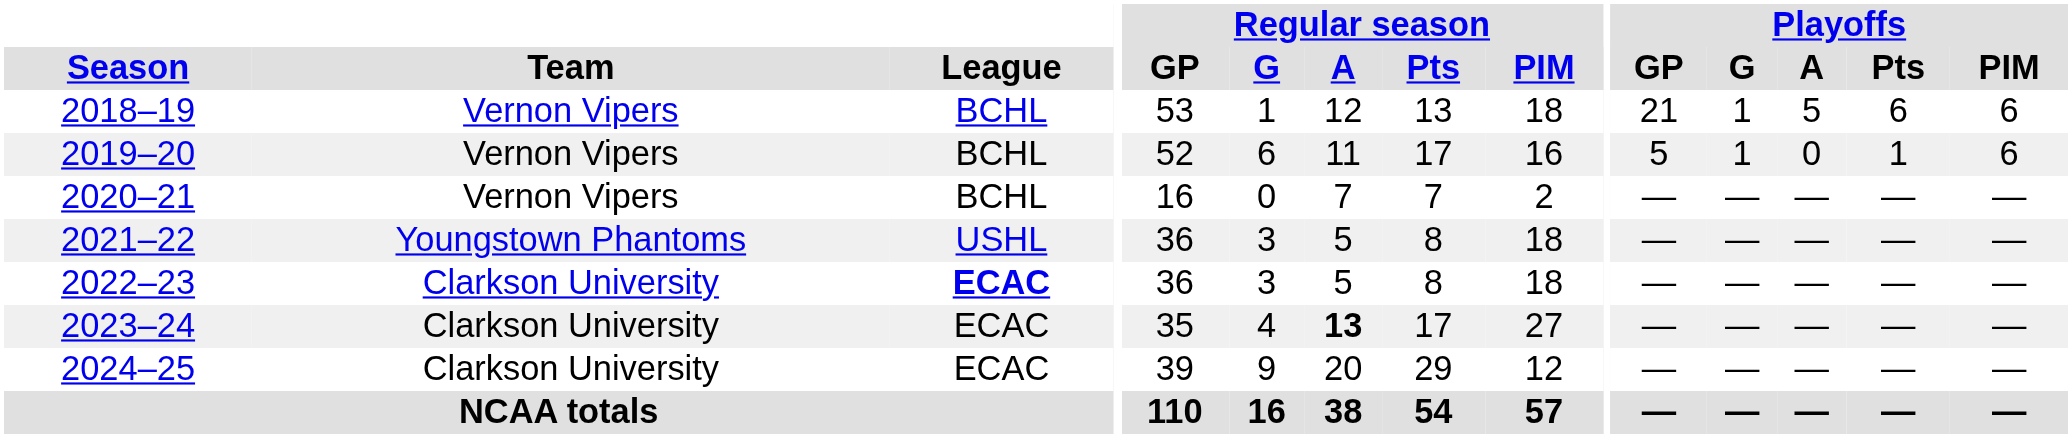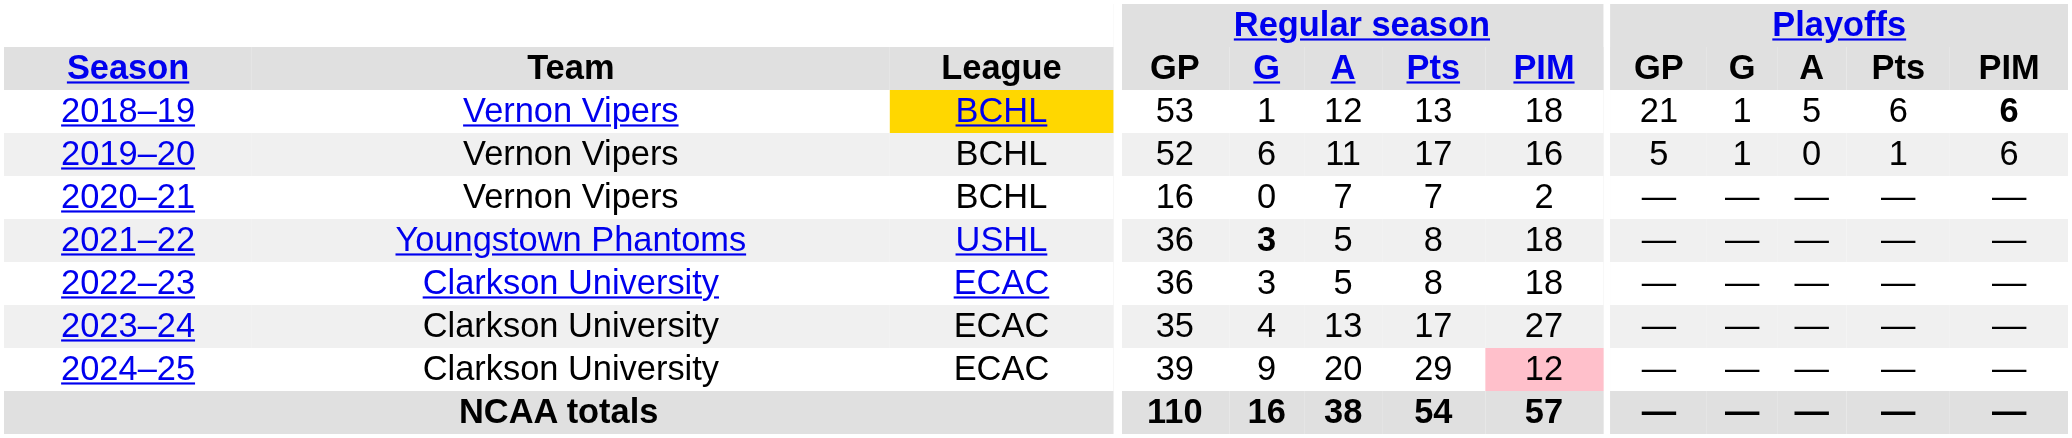 <table border="0" cellpadding="1" cellspacing="0" style="text-align:center; width:60em">
 <tr bgcolor="#e0e0e0">
 <th colspan="3" bgcolor="#ffffff"></th>
 <th rowspan="100" bgcolor="#ffffff"></th>
 <th colspan="5"><a href='#'>Regular season</a></th>
 <th rowspan="100" bgcolor="#ffffff"></th>
 <th colspan="5"><a href='#'>Playoffs</a></th>
 </tr>
 <tr bgcolor="#e0e0e0">
 <th><a href='#'>Season</a></th>
 <th>Team</th>
 <th>League</th>
 <th>GP</th>
 <th><a href='#'>G</a></th>
 <th><a href='#'>A</a></th>
 <th><a href='#'>Pts</a></th>
 <th><a href='#'>PIM</a></th>
 <th>GP</th>
 <th>G</th>
 <th>A</th>
 <th>Pts</th>
 <th>PIM</th>
 </tr>
 <tr>
 <td><a href='#'>2018–19</a></td>
 <td><a href='#'>Vernon Vipers</a></td>
-<td><a href='#'>BCHL</a></td>
+<td style="background: gold;"><a href='#'>BCHL</a></td>
 <td>53</td>
 <td>1</td>
 <td>12</td>
 <td>13</td>
 <td>18</td>
 <td>21</td>
 <td>1</td>
 <td>5</td>
 <td>6</td>
-<td>6</td>
+<td><strong>6</strong></td>
 </tr>
 <tr bgcolor="#f0f0f0">
 <td><a href='#'>2019–20</a></td>
 <td>Vernon Vipers</td>
 <td>BCHL</td>
 <td>52</td>
 <td>6</td>
 <td>11</td>
 <td>17</td>
 <td>16</td>
 <td>5</td>
 <td>1</td>
 <td>0</td>
 <td>1</td>
 <td>6</td>
 </tr>
 <tr>
 <td><a href='#'>2020–21</a></td>
 <td>Vernon Vipers</td>
 <td>BCHL</td>
 <td>16</td>
 <td>0</td>
 <td>7</td>
 <td>7</td>
 <td>2</td>
 <td>—</td>
 <td>—</td>
 <td>—</td>
 <td>—</td>
 <td>—</td>
 </tr>
 <tr bgcolor="#f0f0f0">
 <td><a href='#'>2021–22</a></td>
 <td><a href='#'>Youngstown Phantoms</a></td>
 <td><a href='#'>USHL</a></td>
 <td>36</td>
-<td>3</td>
+<td><strong>3</strong></td>
 <td>5</td>
 <td>8</td>
 <td>18</td>
 <td>—</td>
 <td>—</td>
 <td>—</td>
 <td>—</td>
 <td>—</td>
 </tr>
 <tr>
 <td><a href='#'>2022–23</a></td>
 <td><a href='#'>Clarkson University</a></td>
-<td><strong><a href='#'>ECAC</a></strong></td>
+<td><a href='#'>ECAC</a></td>
 <td>36</td>
 <td>3</td>
 <td>5</td>
 <td>8</td>
 <td>18</td>
 <td>—</td>
 <td>—</td>
 <td>—</td>
 <td>—</td>
 <td>—</td>
 </tr>
 <tr bgcolor="#f0f0f0">
 <td><a href='#'>2023–24</a></td>
 <td>Clarkson University</td>
 <td>ECAC</td>
 <td>35</td>
 <td>4</td>
-<td><strong>13</strong></td>
+<td>13</td>
 <td>17</td>
 <td>27</td>
 <td>—</td>
 <td>—</td>
 <td>—</td>
 <td>—</td>
 <td>—</td>
 </tr>
 <tr>
 <td><a href='#'>2024–25</a></td>
 <td>Clarkson University</td>
 <td>ECAC</td>
 <td>39</td>
 <td>9</td>
 <td>20</td>
 <td>29</td>
-<td>12</td>
+<td style="background: pink;">12</td>
 <td>—</td>
 <td>—</td>
 <td>—</td>
 <td>—</td>
 <td>—</td>
 </tr>
 <tr bgcolor="#e0e0e0">
 <th colspan="3">NCAA totals</th>
 <th>110</th>
 <th>16</th>
 <th>38</th>
 <th>54</th>
 <th>57</th>
 <th>—</th>
 <th>—</th>
 <th>—</th>
 <th>—</th>
 <th>—</th>
 </tr>
 </table>
